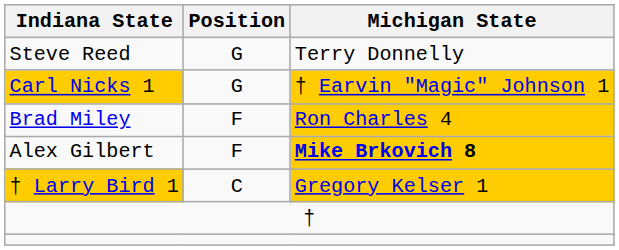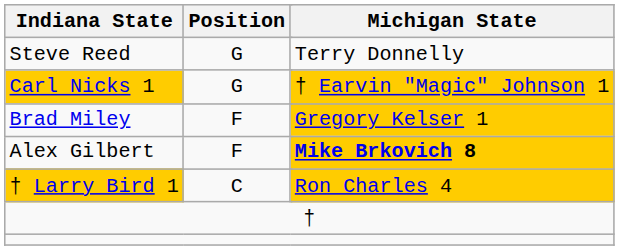 <table class="wikitable">
 <tr>
 <th>Indiana State</th>
 <th colspan="2">Position</th>
 <th>Michigan State</th>
 </tr>
 <tr>
 <td>Steve Reed</td>
 <td colspan=2 style="text-align:center">G</td>
 <td>Terry Donnelly</td>
 </tr>
 <tr>
 <td style="background:#ffcc00"><a href='#'>Carl Nicks</a> 1</td>
 <td colspan=2 style="text-align:center">G</td>
 <td style="background:#ffcc00">† <a href='#'>Earvin "Magic" Johnson</a> 1</td>
 </tr>
 <tr>
 <td><a href='#'>Brad Miley</a></td>
 <td colspan=2 style="text-align:center">F</td>
-<td style="background:#ffcc00"><a href='#'>Ron Charles</a> 4</td>
+<td style="background:#ffcc00"><a href='#'>Gregory Kelser</a> 1</td>
 </tr>
 <tr>
 <td>Alex Gilbert</td>
 <td colspan=2 style="text-align:center">F</td>
 <td style="background:#ffcc00"><strong><a href='#'>Mike Brkovich</a> 8</strong></td>
 </tr>
 <tr>
 <td style="background:#ffcc00">† <a href='#'>Larry Bird</a> 1</td>
 <td colspan=2 style="text-align:center">C</td>
-<td style="background:#ffcc00"><a href='#'>Gregory Kelser</a> 1</td>
+<td style="background:#ffcc00"><a href='#'>Ron Charles</a> 4</td>
 </tr>
 <tr>
 <td colspan="5" align=center>† </td>
 </tr>
 <tr>
 <td colspan="5" align=center></td>
 </tr>
 </table>
